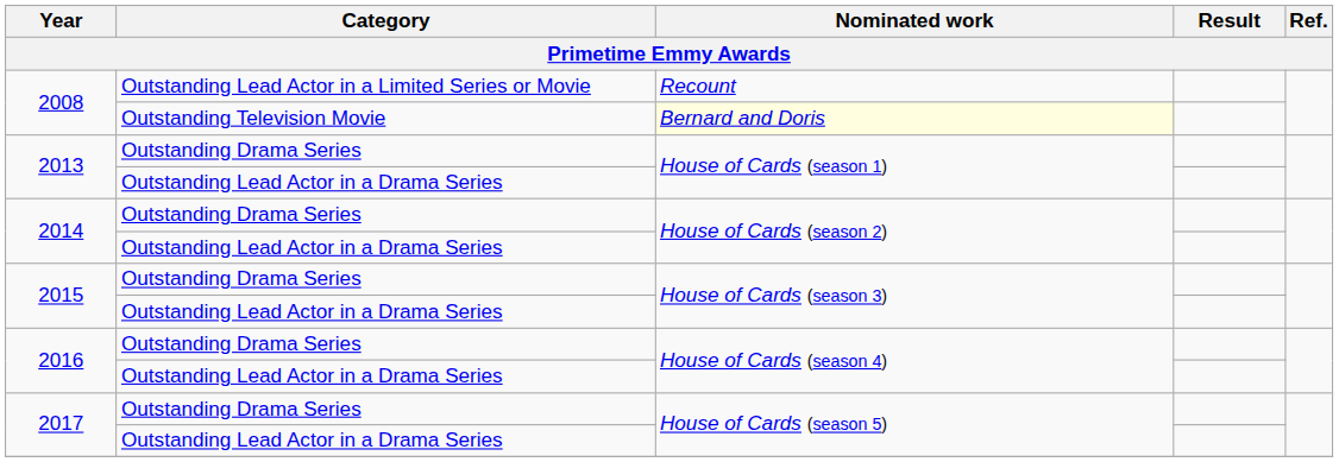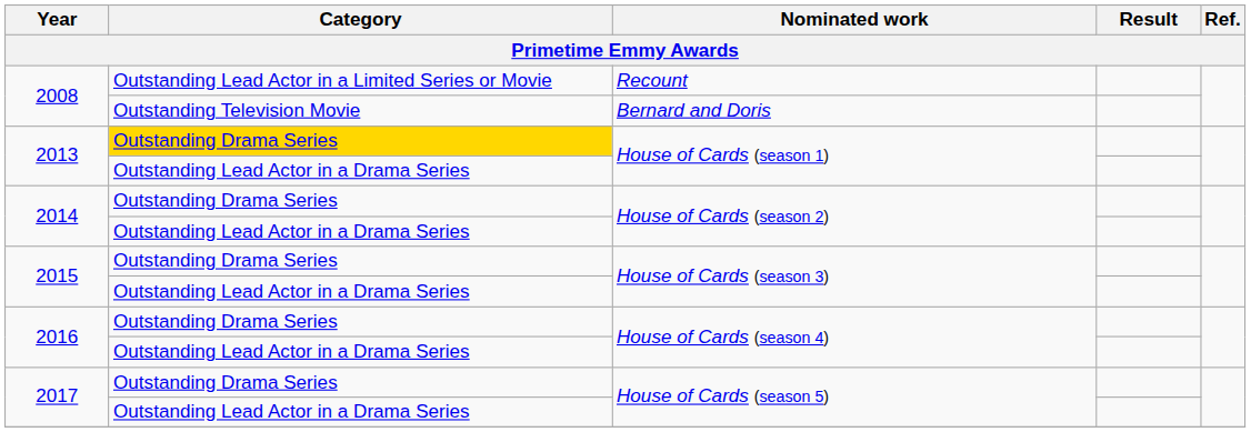 <table class=wikitable>
 <tr>
 <th scope="col" style="width:5em;">Year</th>
 <th scope="col" style="width:26em;">Category</th>
 <th scope="col" style="width:25em;">Nominated work</th>
 <th scope="col" style="width:5em;">Result</th>
 <th>Ref.</th>
 </tr>
 <tr>
 <th colspan=5><a href='#'>Primetime Emmy Awards</a></th>
 </tr>
 <tr>
 <td style="text-align:center;", rowspan="2"><a href='#'>2008</a></td>
 <td><a href='#'>Outstanding Lead Actor in a Limited Series or Movie</a></td>
 <td><em><a href='#'>Recount</a></em></td>
 <td></td>
 <td rowspan=2></td>
 </tr>
 <tr>
 <td><a href='#'>Outstanding Television Movie</a></td>
-<td style="background: lightyellow;"><em><a href='#'>Bernard and Doris</a></em></td>
+<td><em><a href='#'>Bernard and Doris</a></em></td>
 <td></td>
 </tr>
 <tr>
 <td style="text-align:center;", rowspan="2"><a href='#'>2013</a></td>
-<td><a href='#'>Outstanding Drama Series</a></td>
+<td style="background: gold;"><a href='#'>Outstanding Drama Series</a></td>
 <td rowspan=2><em><a href='#'>House of Cards</a></em> <small> (<a href='#'>season 1</a>) </small></td>
 <td></td>
 <td rowspan=2></td>
 </tr>
 <tr>
 <td><a href='#'>Outstanding Lead Actor in a Drama Series</a></td>
 <td></td>
 </tr>
 <tr>
 <td style="text-align:center;", rowspan="2"><a href='#'>2014</a></td>
 <td><a href='#'>Outstanding Drama Series</a></td>
 <td rowspan=2><em><a href='#'>House of Cards</a></em> <small> (<a href='#'>season 2</a>) </small></td>
 <td></td>
 <td rowspan=2></td>
 </tr>
 <tr>
 <td><a href='#'>Outstanding Lead Actor in a Drama Series</a></td>
 <td></td>
 </tr>
 <tr>
 <td style="text-align:center;", rowspan="2"><a href='#'>2015</a></td>
 <td><a href='#'>Outstanding Drama Series</a></td>
 <td rowspan=2><em><a href='#'>House of Cards</a></em> <small> (<a href='#'>season 3</a>) </small></td>
 <td></td>
 <td rowspan=2></td>
 </tr>
 <tr>
 <td><a href='#'>Outstanding Lead Actor in a Drama Series</a></td>
 <td></td>
 </tr>
 <tr>
 <td style="text-align:center;", rowspan="2"><a href='#'>2016</a></td>
 <td><a href='#'>Outstanding Drama Series</a></td>
 <td rowspan=2><em><a href='#'>House of Cards</a></em> <small> (<a href='#'>season 4</a>) </small></td>
 <td></td>
 <td rowspan=2></td>
 </tr>
 <tr>
 <td><a href='#'>Outstanding Lead Actor in a Drama Series</a></td>
 <td></td>
 </tr>
 <tr>
 <td style="text-align:center;", rowspan="2"><a href='#'>2017</a></td>
 <td><a href='#'>Outstanding Drama Series</a></td>
 <td rowspan=2><em><a href='#'>House of Cards</a></em> <small> (<a href='#'>season 5</a>) </small></td>
 <td></td>
 <td rowspan=2></td>
 </tr>
 <tr>
 <td><a href='#'>Outstanding Lead Actor in a Drama Series</a></td>
 <td></td>
 </tr>
 <tr>
 </tr>
 </table>
